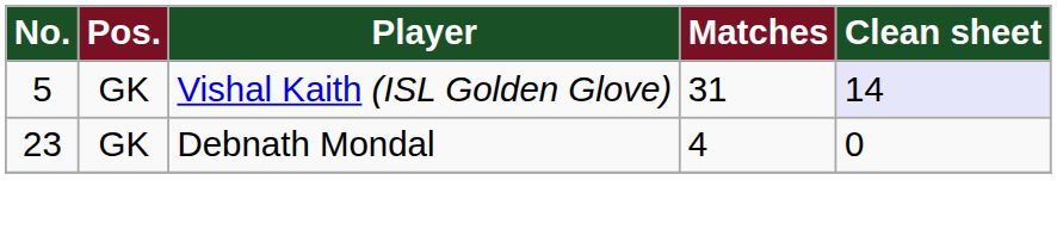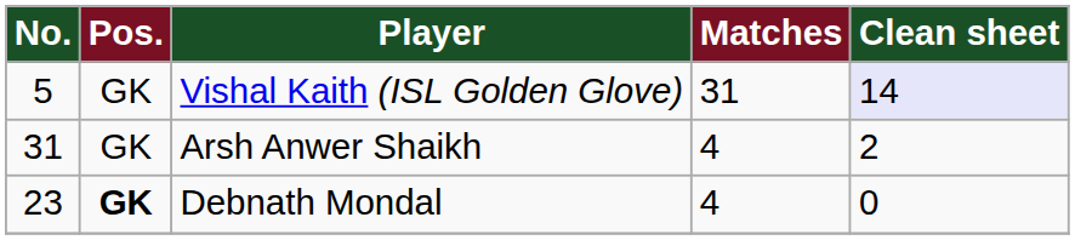 <table class="wikitable plainrowheaders sortable">
 <tr>
 <th style="background:#1A5026; color:#FFFFFF; ">No.</th>
 <th style="background:#7A1024; color:#FFFFFF; ">Pos.</th>
 <th style="background:#1A5026; color:#FFFFFF; ">Player</th>
 <th style="background:#7A1024; color:#FFFFFF; ">Matches</th>
 <th style="background:#1A5026; color:#FFFFFF; ">Clean sheet</th>
 </tr>
 <tr>
 <td align=center>5</td>
 <td align=center>GK</td>
 <td> <a href='#'>Vishal Kaith</a> <em>(ISL Golden Glove)</em></td>
 <td>31</td>
 <td style="background: lavender;">14</td>
 </tr>
 <tr>
+<td align=center>31</td>
+<td align=center>GK</td>
+<td> Arsh Anwer Shaikh</td>
+<td>4</td>
+<td>2</td>
+</tr>
+<tr>
 <td align=center>23</td>
-<td align=center>GK</td>
+<td align=center><strong>GK</strong></td>
 <td> Debnath Mondal</td>
 <td>4</td>
 <td>0</td>
 </tr>
 <tr>
 </tr>
 </table>
